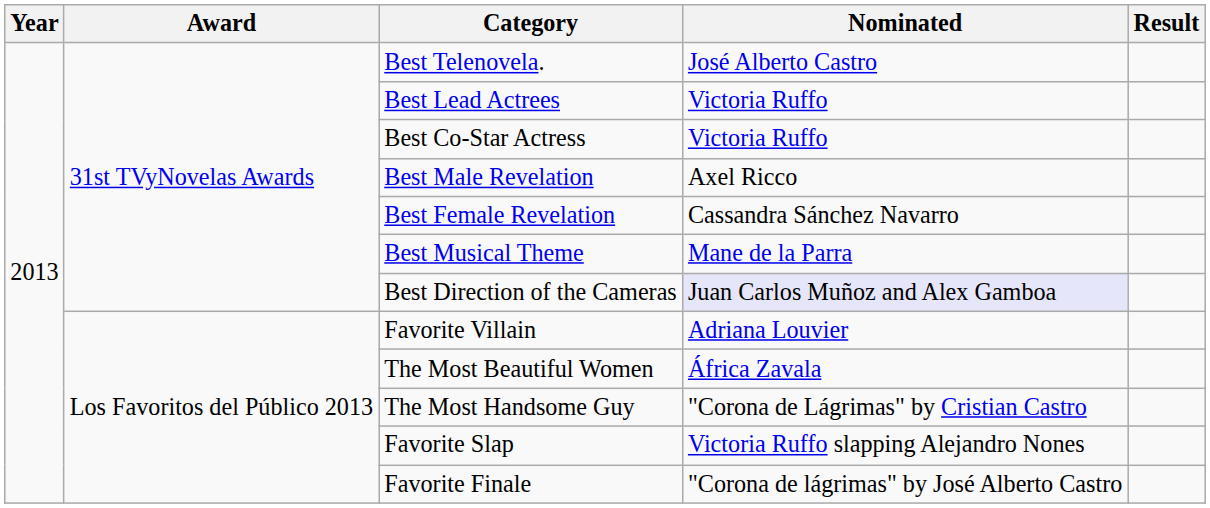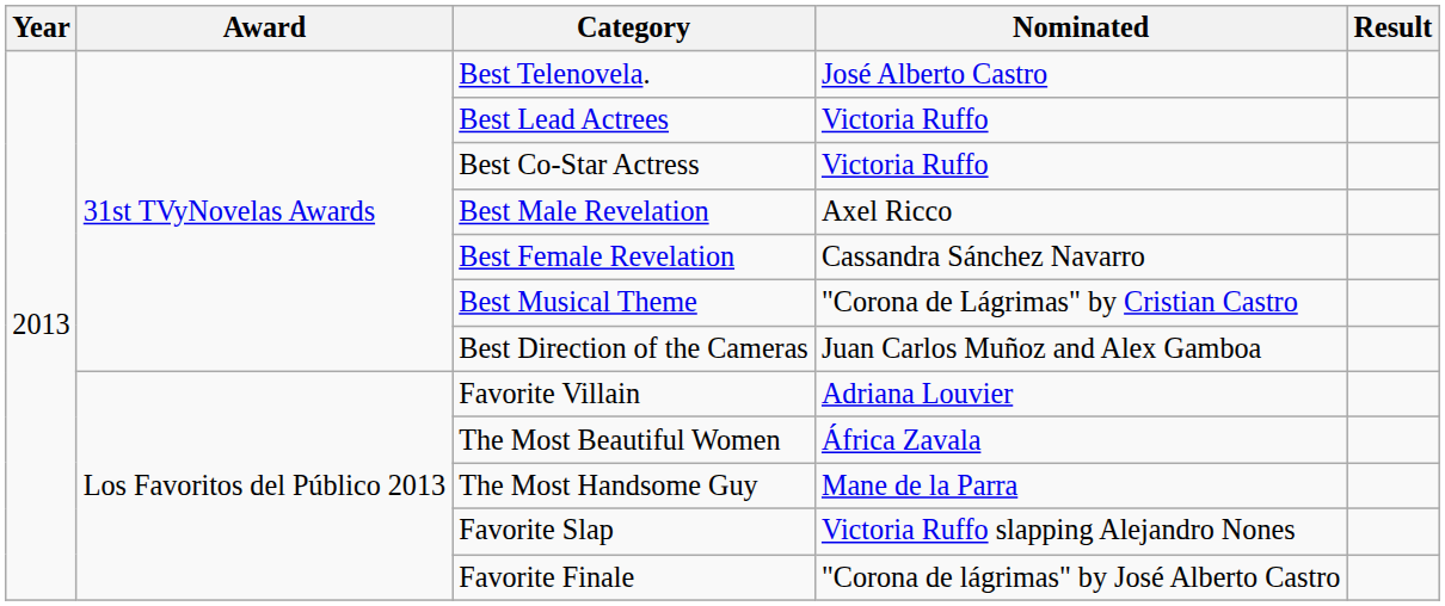 <table class="wikitable plainrowheaders">
 <tr>
 <th scope="col">Year</th>
 <th scope="col">Award</th>
 <th scope="col">Category</th>
 <th scope="col">Nominated</th>
 <th scope="col">Result</th>
 </tr>
 <tr>
 <td rowspan="14">2013</td>
 <td rowspan="7"><a href='#'>31st TVyNovelas Awards</a></td>
 <td><a href='#'>Best Telenovela</a>.</td>
 <td><a href='#'>José Alberto Castro</a></td>
 <td></td>
 </tr>
 <tr>
 <td><a href='#'>Best Lead Actrees</a></td>
 <td><a href='#'>Victoria Ruffo</a></td>
 <td></td>
 </tr>
 <tr style="text-align:">
 <td>Best Co-Star Actress</td>
 <td><a href='#'>Victoria Ruffo</a></td>
 <td></td>
 </tr>
 <tr style="text-align:">
 <td><a href='#'>Best Male Revelation</a></td>
 <td>Axel Ricco</td>
 <td></td>
 </tr>
 <tr style="text-align:">
 <td><a href='#'>Best Female Revelation</a></td>
 <td>Cassandra Sánchez Navarro</td>
 <td></td>
 </tr>
 <tr style="text-align:">
 <td><a href='#'>Best Musical Theme</a></td>
-<td><a href='#'>Mane de la Parra</a></td>
+<td>"Corona de Lágrimas" by <a href='#'>Cristian Castro</a></td>
 <td></td>
 </tr>
 <tr style="text-align:">
 <td>Best Direction of the Cameras</td>
-<td style="background: lavender;">Juan Carlos Muñoz and Alex Gamboa</td>
+<td>Juan Carlos Muñoz and Alex Gamboa</td>
 <td></td>
 </tr>
 <tr style="text-align: c">
 <td rowspan=6>Los Favoritos del Público 2013</td>
 <td>Favorite Villain</td>
 <td><a href='#'>Adriana Louvier</a></td>
 <td></td>
 </tr>
 <tr style="text-align:">
 <td>The Most Beautiful Women</td>
 <td><a href='#'>África Zavala</a></td>
 <td></td>
 </tr>
 <tr style="text-align:">
 <td>The Most Handsome Guy</td>
-<td>"Corona de Lágrimas" by <a href='#'>Cristian Castro</a></td>
+<td><a href='#'>Mane de la Parra</a></td>
 <td></td>
 </tr>
 <tr style="text-align:">
 <td>Favorite Slap</td>
 <td><a href='#'>Victoria Ruffo</a> slapping Alejandro Nones</td>
 <td></td>
 </tr>
 <tr style="text-align:">
 <td>Favorite Finale</td>
 <td>"Corona de lágrimas" by José Alberto Castro</td>
 <td></td>
 </tr>
 </table>
